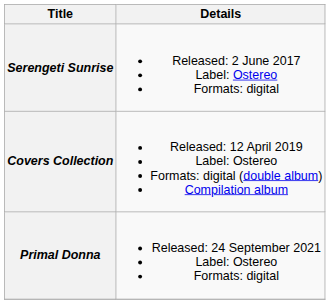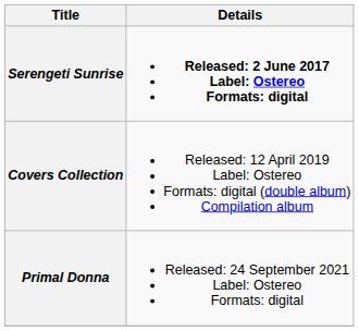 <table class="wikitable plainrowheaders" style="text-align:center;">
 <tr>
 <th>Title</th>
 <th>Details</th>
 </tr>
 <tr>
 <th scope="row"><strong><em>Serengeti Sunrise</em></strong></th>
-<td><br><ul><li>Released: 2 June 2017</li><li>Label: <a href='#'>Ostereo</a></li><li>Formats: digital</li></ul></td>
+<td><strong><br><ul><li>Released: 2 June 2017</li><li>Label: <a href='#'>Ostereo</a></li><li>Formats: digital</li></ul></strong></td>
 </tr>
 <tr>
 <th scope="row"><strong><em>Covers Collection</em></strong></th>
 <td><br><ul><li>Released: 12 April 2019</li><li>Label: Ostereo</li><li>Formats: digital (<a href='#'>double album</a>)</li><li><a href='#'>Compilation album</a></li></ul></td>
 </tr>
 <tr>
 <th scope="row"><strong><em>Primal Donna</em></strong></th>
 <td><br><ul><li>Released: 24 September 2021</li><li>Label: Ostereo</li><li>Formats: digital</li></ul></td>
 </tr>
 <tr>
 </tr>
 </table>
